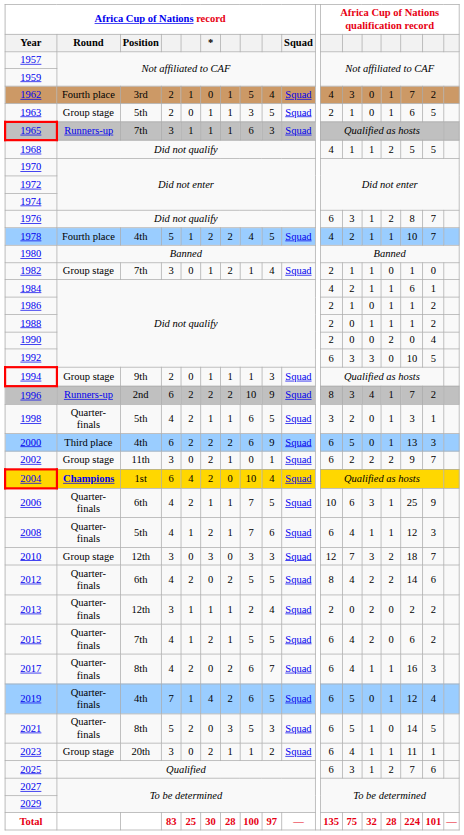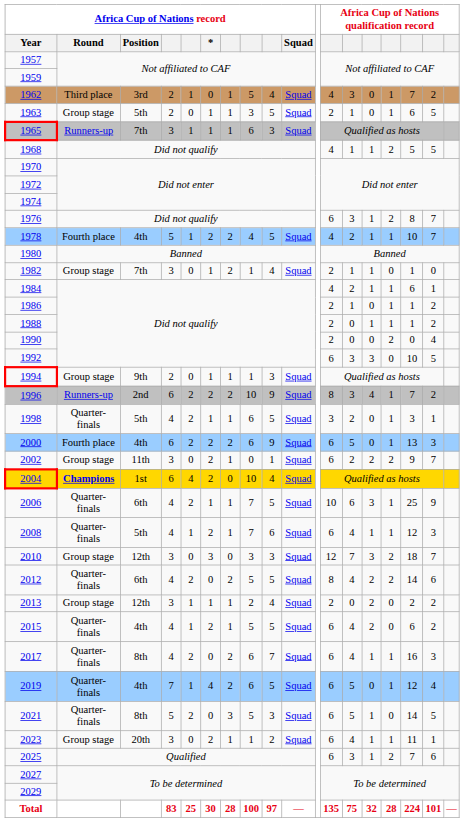 <table class="wikitable" class="wikitable" style="font-size:90%; text-align:center; width:100%">
 <tr>
 <th colspan="10" style="background:#FFFFFF; color:#E70013; "><a href='#'><span>Africa Cup of Nations</span></a> record</th>
 <th rowspan="40" style="width:1%;background:white"></th>
 <th colspan="7" style="background:#FFFFFF; color:#E70013; ">Africa Cup of Nations qualification record</th>
 </tr>
 <tr>
 <th width="15%">Year</th>
 <th width="15%">Round</th>
 <th width="5%">Position</th>
 <th width="5%"></th>
 <th width="5%"></th>
 <th width="5%">*</th>
 <th width="5%"></th>
 <th width="5%"></th>
 <th width="5%"></th>
 <th width="5%">Squad</th>
 <th width="5%"></th>
 <th width="5%"></th>
 <th width="5%"></th>
 <th width="5%"></th>
 <th width="5%"></th>
 <th width="5%"></th>
 <th width="1%"></th>
 </tr>
 <tr>
 <td> <a href='#'>1957</a></td>
 <td colspan="9" rowspan="2"><em>Not affiliated to CAF</em></td>
 <td colspan="7" rowspan="2"><em>Not affiliated to CAF</em></td>
 </tr>
 <tr>
 <td> <a href='#'>1959</a></td>
 </tr>
 <tr style="background:#c96;">
 <td> <a href='#'>1962</a></td>
-<td>Fourth place</td>
+<td>Third place</td>
 <td>3rd</td>
 <td>2</td>
 <td>1</td>
 <td>0</td>
 <td>1</td>
 <td>5</td>
 <td>4</td>
 <td><a href='#'>Squad</a></td>
 <td>4</td>
 <td>3</td>
 <td>0</td>
 <td>1</td>
 <td>7</td>
 <td>2</td>
 <td></td>
 </tr>
 <tr>
 <td> <a href='#'>1963</a></td>
 <td>Group stage</td>
 <td>5th</td>
 <td>2</td>
 <td>0</td>
 <td>1</td>
 <td>1</td>
 <td>3</td>
 <td>5</td>
 <td><a href='#'>Squad</a></td>
 <td>2</td>
 <td>1</td>
 <td>0</td>
 <td>1</td>
 <td>6</td>
 <td>5</td>
 <td></td>
 </tr>
 <tr style="background:silver;">
 <td style="border:3px solid red;"> <a href='#'>1965</a></td>
 <td><a href='#'>Runners-up</a></td>
 <td>7th</td>
 <td>3</td>
 <td>1</td>
 <td>1</td>
 <td>1</td>
 <td>6</td>
 <td>3</td>
 <td><a href='#'>Squad</a></td>
 <td colspan="6" rowspan="1"><em>Qualified as hosts</em></td>
 <td></td>
 </tr>
 <tr>
 <td> <a href='#'>1968</a></td>
 <td colspan="9"><em>Did not qualify</em></td>
 <td>4</td>
 <td>1</td>
 <td>1</td>
 <td>2</td>
 <td>5</td>
 <td>5</td>
 <td></td>
 </tr>
 <tr>
 <td> <a href='#'>1970</a></td>
 <td colspan="9" rowspan="3"><em>Did not enter</em></td>
 <td colspan="7" rowspan="3"><em>Did not enter</em></td>
 </tr>
 <tr>
 <td> <a href='#'>1972</a></td>
 </tr>
 <tr>
 <td> <a href='#'>1974</a></td>
 </tr>
 <tr>
 <td> <a href='#'>1976</a></td>
 <td colspan="9"><em>Did not qualify</em></td>
 <td>6</td>
 <td>3</td>
 <td>1</td>
 <td>2</td>
 <td>8</td>
 <td>7</td>
 <td></td>
 </tr>
 <tr style="background:#9acdff;">
 <td> <a href='#'>1978</a></td>
 <td>Fourth place</td>
 <td>4th</td>
 <td>5</td>
 <td>1</td>
 <td>2</td>
 <td>2</td>
 <td>4</td>
 <td>5</td>
 <td><a href='#'>Squad</a></td>
 <td>4</td>
 <td>2</td>
 <td>1</td>
 <td>1</td>
 <td>10</td>
 <td>7</td>
 <td></td>
 </tr>
 <tr>
 <td> <a href='#'>1980</a></td>
 <td colspan="9"><em>Banned</em></td>
 <td colspan="7" rowspan="1"><em>Banned</em></td>
 </tr>
 <tr>
 <td> <a href='#'>1982</a></td>
 <td>Group stage</td>
 <td>7th</td>
 <td>3</td>
 <td>0</td>
 <td>1</td>
 <td>2</td>
 <td>1</td>
 <td>4</td>
 <td><a href='#'>Squad</a></td>
 <td>2</td>
 <td>1</td>
 <td>1</td>
 <td>0</td>
 <td>1</td>
 <td>0</td>
 <td></td>
 </tr>
 <tr>
 <td> <a href='#'>1984</a></td>
 <td colspan="9" rowspan="5"><em>Did not qualify</em></td>
 <td>4</td>
 <td>2</td>
 <td>1</td>
 <td>1</td>
 <td>6</td>
 <td>1</td>
 <td></td>
 </tr>
 <tr>
 <td> <a href='#'>1986</a></td>
 <td>2</td>
 <td>1</td>
 <td>0</td>
 <td>1</td>
 <td>1</td>
 <td>2</td>
 <td></td>
 </tr>
 <tr>
 <td> <a href='#'>1988</a></td>
 <td>2</td>
 <td>0</td>
 <td>1</td>
 <td>1</td>
 <td>1</td>
 <td>2</td>
 <td></td>
 </tr>
 <tr>
 <td> <a href='#'>1990</a></td>
 <td>2</td>
 <td>0</td>
 <td>0</td>
 <td>2</td>
 <td>0</td>
 <td>4</td>
 <td></td>
 </tr>
 <tr>
 <td> <a href='#'>1992</a></td>
 <td>6</td>
 <td>3</td>
 <td>3</td>
 <td>0</td>
 <td>10</td>
 <td>5</td>
 <td></td>
 </tr>
 <tr>
 <td style="border:3px solid red;"> <a href='#'>1994</a></td>
 <td>Group stage</td>
 <td>9th</td>
 <td>2</td>
 <td>0</td>
 <td>1</td>
 <td>1</td>
 <td>1</td>
 <td>3</td>
 <td><a href='#'>Squad</a></td>
 <td colspan="6" rowspan="1"><em>Qualified as hosts</em></td>
 <td></td>
 </tr>
 <tr style="background:silver;">
 <td> <a href='#'>1996</a></td>
 <td><a href='#'>Runners-up</a></td>
 <td>2nd</td>
 <td>6</td>
 <td>2</td>
 <td>2</td>
 <td>2</td>
 <td>10</td>
 <td>9</td>
 <td><a href='#'>Squad</a></td>
 <td>8</td>
 <td>3</td>
 <td>4</td>
 <td>1</td>
 <td>7</td>
 <td>2</td>
 <td></td>
 </tr>
 <tr>
 <td> <a href='#'>1998</a></td>
 <td>Quarter-finals</td>
 <td>5th</td>
 <td>4</td>
 <td>2</td>
 <td>1</td>
 <td>1</td>
 <td>6</td>
 <td>5</td>
 <td><a href='#'>Squad</a></td>
 <td>3</td>
 <td>2</td>
 <td>0</td>
 <td>1</td>
 <td>3</td>
 <td>1</td>
 <td></td>
 </tr>
 <tr style="background:#9acdff;">
 <td>  <a href='#'>2000</a></td>
-<td>Third place</td>
+<td>Fourth place</td>
 <td>4th</td>
 <td>6</td>
 <td>2</td>
 <td>2</td>
 <td>2</td>
 <td>6</td>
 <td>9</td>
 <td><a href='#'>Squad</a></td>
 <td>6</td>
 <td>5</td>
 <td>0</td>
 <td>1</td>
 <td>13</td>
 <td>3</td>
 <td></td>
 </tr>
 <tr>
 <td> <a href='#'>2002</a></td>
 <td>Group stage</td>
 <td>11th</td>
 <td>3</td>
 <td>0</td>
 <td>2</td>
 <td>1</td>
 <td>0</td>
 <td>1</td>
 <td><a href='#'>Squad</a></td>
 <td>6</td>
 <td>2</td>
 <td>2</td>
 <td>2</td>
 <td>9</td>
 <td>7</td>
 <td></td>
 </tr>
 <tr style="background:gold;">
 <td style="border:3px solid red;"> <a href='#'>2004</a></td>
 <td><strong><a href='#'>Champions</a></strong></td>
 <td>1st</td>
 <td>6</td>
 <td>4</td>
 <td>2</td>
 <td>0</td>
 <td>10</td>
 <td>4</td>
 <td><a href='#'>Squad</a></td>
 <td colspan="6"><em>Qualified as hosts</em></td>
 <td></td>
 </tr>
 <tr>
 <td> <a href='#'>2006</a></td>
 <td>Quarter-finals</td>
 <td>6th</td>
 <td>4</td>
 <td>2</td>
 <td>1</td>
 <td>1</td>
 <td>7</td>
 <td>5</td>
 <td><a href='#'>Squad</a></td>
 <td>10</td>
 <td>6</td>
 <td>3</td>
 <td>1</td>
 <td>25</td>
 <td>9</td>
 <td></td>
 </tr>
 <tr>
 <td> <a href='#'>2008</a></td>
 <td>Quarter-finals</td>
 <td>5th</td>
 <td>4</td>
 <td>1</td>
 <td>2</td>
 <td>1</td>
 <td>7</td>
 <td>6</td>
 <td><a href='#'>Squad</a></td>
 <td>6</td>
 <td>4</td>
 <td>1</td>
 <td>1</td>
 <td>12</td>
 <td>3</td>
 <td></td>
 </tr>
 <tr>
 <td> <a href='#'>2010</a></td>
 <td>Group stage</td>
 <td>12th</td>
 <td>3</td>
 <td>0</td>
 <td>3</td>
 <td>0</td>
 <td>3</td>
 <td>3</td>
 <td><a href='#'>Squad</a></td>
 <td>12</td>
 <td>7</td>
 <td>3</td>
 <td>2</td>
 <td>18</td>
 <td>7</td>
 <td></td>
 </tr>
 <tr>
 <td>  <a href='#'>2012</a></td>
 <td>Quarter-finals</td>
 <td>6th</td>
 <td>4</td>
 <td>2</td>
 <td>0</td>
 <td>2</td>
 <td>5</td>
 <td>5</td>
 <td><a href='#'>Squad</a></td>
 <td>8</td>
 <td>4</td>
 <td>2</td>
 <td>2</td>
 <td>14</td>
 <td>6</td>
 <td></td>
 </tr>
 <tr>
 <td> <a href='#'>2013</a></td>
-<td>Quarter-finals</td>
+<td>Group stage</td>
 <td>12th</td>
 <td>3</td>
 <td>1</td>
 <td>1</td>
 <td>1</td>
 <td>2</td>
 <td>4</td>
 <td><a href='#'>Squad</a></td>
 <td>2</td>
 <td>0</td>
 <td>2</td>
 <td>0</td>
 <td>2</td>
 <td>2</td>
 <td></td>
 </tr>
 <tr>
 <td> <a href='#'>2015</a></td>
 <td>Quarter-finals</td>
-<td>7th</td>
+<td>4th</td>
 <td>4</td>
 <td>1</td>
 <td>2</td>
 <td>1</td>
 <td>5</td>
 <td>5</td>
 <td><a href='#'>Squad</a></td>
 <td>6</td>
 <td>4</td>
 <td>2</td>
 <td>0</td>
 <td>6</td>
 <td>2</td>
 <td></td>
 </tr>
 <tr>
 <td> <a href='#'>2017</a></td>
 <td>Quarter-finals</td>
 <td>8th</td>
 <td>4</td>
 <td>2</td>
 <td>0</td>
 <td>2</td>
 <td>6</td>
 <td>7</td>
 <td><a href='#'>Squad</a></td>
 <td>6</td>
 <td>4</td>
 <td>1</td>
 <td>1</td>
 <td>16</td>
 <td>3</td>
 <td></td>
 </tr>
 <tr style="background:#9acdff;">
 <td> <a href='#'>2019</a></td>
 <td>Quarter-finals</td>
 <td>4th</td>
 <td>7</td>
 <td>1</td>
 <td>4</td>
 <td>2</td>
 <td>6</td>
 <td>5</td>
 <td><a href='#'>Squad</a></td>
 <td>6</td>
 <td>5</td>
 <td>0</td>
 <td>1</td>
 <td>12</td>
 <td>4</td>
 <td></td>
 </tr>
 <tr>
 <td> <a href='#'>2021</a></td>
 <td>Quarter-finals</td>
 <td>8th</td>
 <td>5</td>
 <td>2</td>
 <td>0</td>
 <td>3</td>
 <td>5</td>
 <td>3</td>
 <td><a href='#'>Squad</a></td>
 <td>6</td>
 <td>5</td>
 <td>1</td>
 <td>0</td>
 <td>14</td>
 <td>5</td>
 <td></td>
 </tr>
 <tr>
 <td> <a href='#'>2023</a></td>
 <td>Group stage</td>
 <td>20th</td>
 <td>3</td>
 <td>0</td>
 <td>2</td>
 <td>1</td>
 <td>1</td>
 <td>2</td>
 <td><a href='#'>Squad</a></td>
 <td>6</td>
 <td>4</td>
 <td>1</td>
 <td>1</td>
 <td>11</td>
 <td>1</td>
 <td></td>
 </tr>
 <tr>
 <td> <a href='#'>2025</a></td>
 <td colspan="9"><em>Qualified</em></td>
 <td>6</td>
 <td>3</td>
 <td>1</td>
 <td>2</td>
 <td>7</td>
 <td>6</td>
 <td></td>
 </tr>
 <tr>
 <td>   <a href='#'>2027</a></td>
 <td colspan="9" rowspan="2"><em>To be determined</em></td>
 <td colspan="7" rowspan="2"><em>To be determined</em></td>
 </tr>
 <tr>
 <td> <a href='#'>2029</a></td>
 </tr>
 <tr>
 <th style="background:#FFFFFF; color:#E70013; ">Total</th>
 <th style="background:#FFFFFF; color:#E70013; "></th>
 <th style="background:#FFFFFF; color:#E70013; "></th>
 <th style="background:#FFFFFF; color:#E70013; ">83</th>
 <th style="background:#FFFFFF; color:#E70013; ">25</th>
 <th style="background:#FFFFFF; color:#E70013; ">30</th>
 <th style="background:#FFFFFF; color:#E70013; ">28</th>
 <th style="background:#FFFFFF; color:#E70013; ">100</th>
 <th style="background:#FFFFFF; color:#E70013; ">97</th>
 <td style="background:#FFFFFF; color:#E70013; ">—</td>
 <th style="background:#FFFFFF; color:#E70013; ">135</th>
 <th style="background:#FFFFFF; color:#E70013; ">75</th>
 <th style="background:#FFFFFF; color:#E70013; ">32</th>
 <th style="background:#FFFFFF; color:#E70013; ">28</th>
 <th style="background:#FFFFFF; color:#E70013; ">224</th>
 <th style="background:#FFFFFF; color:#E70013; ">101</th>
 <td style="background:#FFFFFF; color:#E70013; ">—</td>
 </tr>
 </table>
